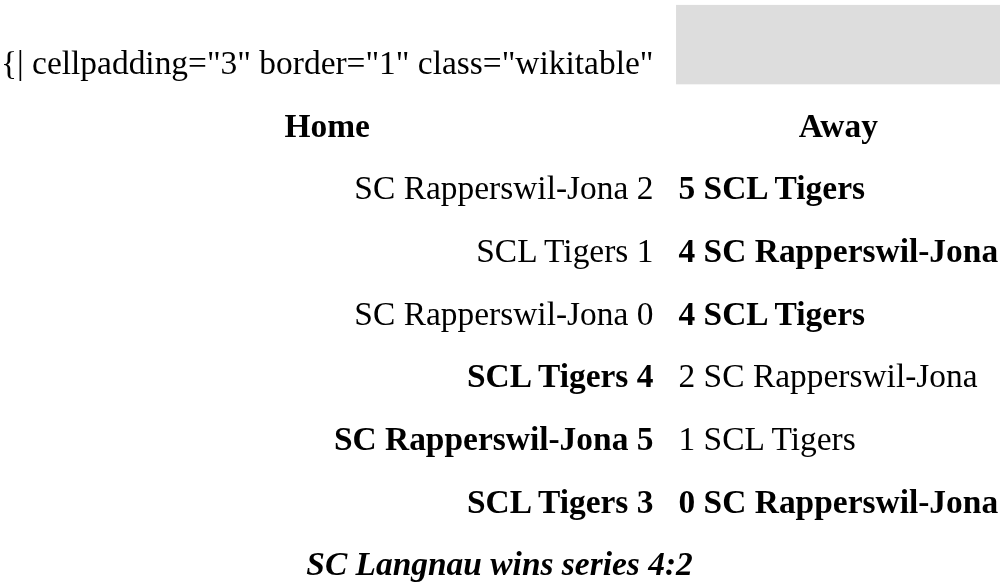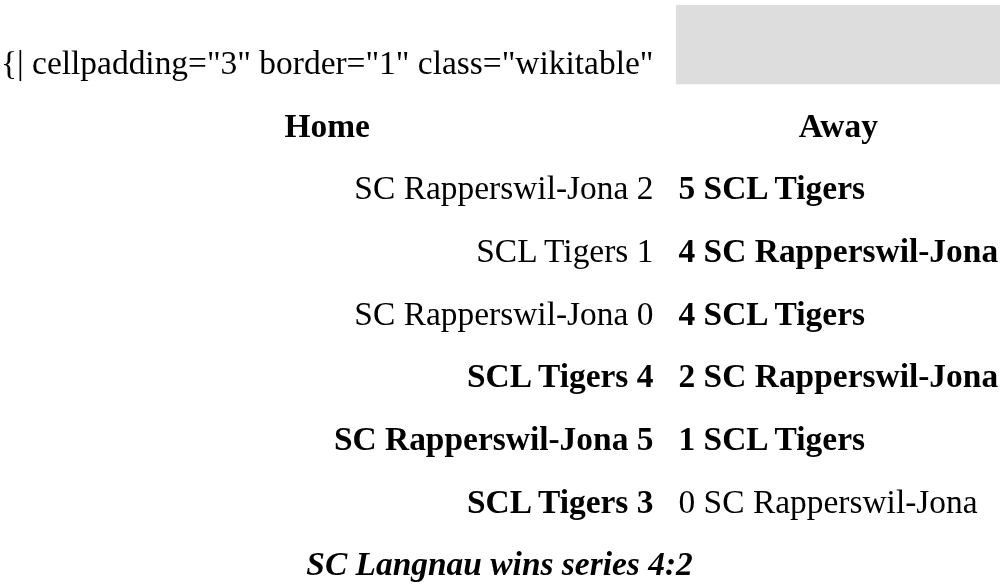 <table cellspacing="10">
 <tr>
 <td valign="top"><br>	{| cellpadding="3" border="1"  class="wikitable"</td>
 <th bgcolor="#DDDDDD" colspan="4"></th>
 </tr>
 <tr>
 <th>Home</th>
 <th>Away</th>
 </tr>
 <tr>
 <td align = "right">SC Rapperswil-Jona 2</td>
 <td><strong>5 SCL Tigers</strong></td>
 </tr>
 <tr>
 <td align = "right">SCL Tigers 1</td>
 <td><strong>4 SC Rapperswil-Jona</strong></td>
 </tr>
 <tr>
 <td align = "right">SC Rapperswil-Jona 0</td>
 <td><strong>4 SCL Tigers</strong></td>
 </tr>
 <tr>
 <td align = "right"><strong>SCL Tigers 4</strong></td>
-<td>2 SC Rapperswil-Jona</td>
+<td><strong>2 SC Rapperswil-Jona</strong></td>
 </tr>
 <tr>
 <td align = "right"><strong>SC Rapperswil-Jona 5</strong></td>
-<td>1 SCL Tigers</td>
+<td><strong>1 SCL Tigers</strong></td>
 </tr>
 <tr>
 <td align = "right"><strong>SCL Tigers 3</strong></td>
-<td><strong>0 SC Rapperswil-Jona</strong></td>
+<td>0 SC Rapperswil-Jona</td>
 </tr>
 <tr align="center">
 <td colspan="4"><strong><em>SC Langnau wins series 4:2</em></strong></td>
 </tr>
 </table>
